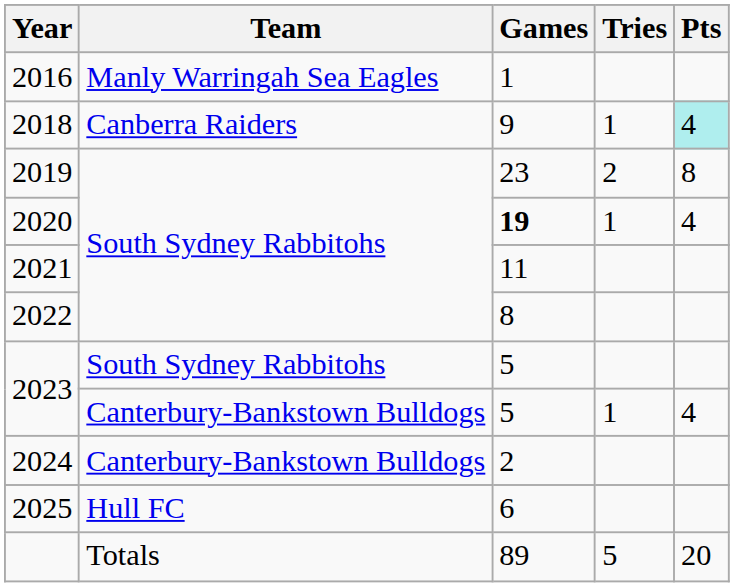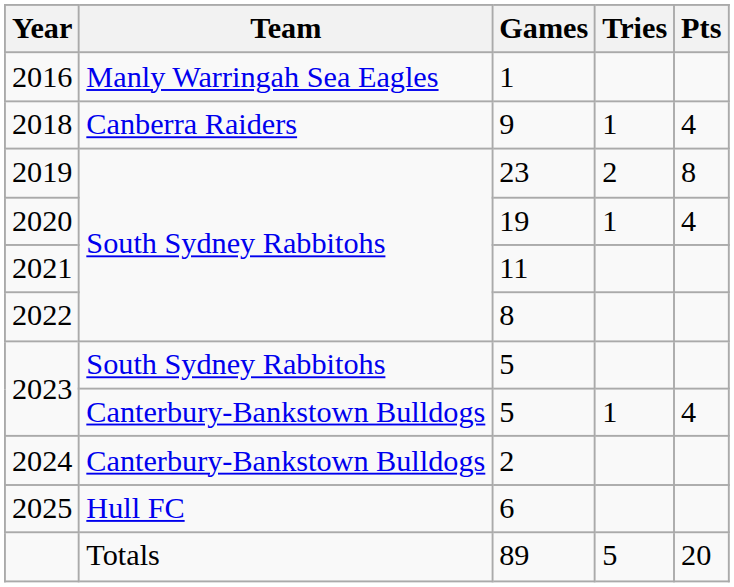 <table class="wikitable">
 <tr>
 <th>Year</th>
 <th>Team</th>
 <th>Games</th>
 <th>Tries</th>
 <th>Pts</th>
 </tr>
 <tr>
 <td>2016</td>
 <td> <a href='#'>Manly Warringah Sea Eagles</a></td>
 <td>1</td>
 <td></td>
 <td></td>
 </tr>
 <tr>
 <td>2018</td>
 <td> <a href='#'>Canberra Raiders</a></td>
 <td>9</td>
 <td>1</td>
-<td style="background: paleturquoise;">4</td>
+<td>4</td>
 </tr>
 <tr>
 <td>2019</td>
 <td rowspan="4"> <a href='#'>South Sydney Rabbitohs</a></td>
 <td>23</td>
 <td>2</td>
 <td>8</td>
 </tr>
 <tr>
 <td>2020</td>
-<td><strong>19</strong></td>
+<td>19</td>
 <td>1</td>
 <td>4</td>
 </tr>
 <tr>
 <td>2021</td>
 <td>11</td>
 <td></td>
 <td></td>
 </tr>
 <tr>
 <td>2022</td>
 <td>8</td>
 <td></td>
 <td></td>
 </tr>
 <tr>
 <td rowspan="2">2023</td>
 <td> <a href='#'>South Sydney Rabbitohs</a></td>
 <td>5</td>
 <td></td>
 <td></td>
 </tr>
 <tr>
 <td> <a href='#'>Canterbury-Bankstown Bulldogs</a></td>
 <td>5</td>
 <td>1</td>
 <td>4</td>
 </tr>
 <tr>
 <td>2024</td>
 <td> <a href='#'>Canterbury-Bankstown Bulldogs</a></td>
 <td>2</td>
 <td></td>
 <td></td>
 </tr>
 <tr>
 <td>2025</td>
 <td> <a href='#'>Hull FC</a></td>
 <td>6</td>
 <td></td>
 <td></td>
 </tr>
 <tr>
 <td></td>
 <td>Totals</td>
 <td>89</td>
 <td>5</td>
 <td>20</td>
 </tr>
 </table>
